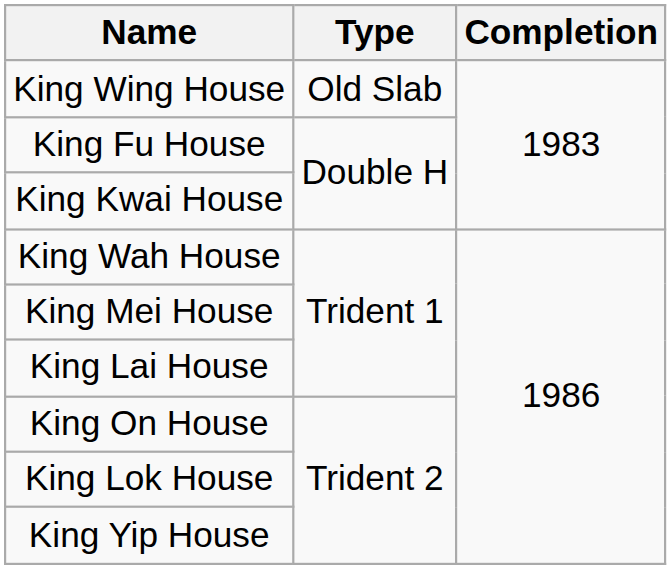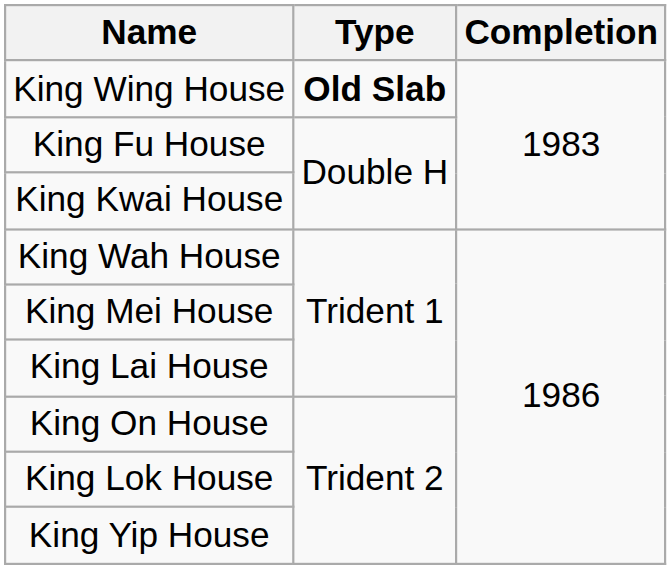 <table class="wikitable" style="text-align: center">
 <tr>
 <th>Name</th>
 <th>Type</th>
 <th>Completion</th>
 </tr>
 <tr>
 <td>King Wing House</td>
-<td>Old Slab</td>
+<td><strong>Old Slab</strong></td>
 <td rowspan="3">1983</td>
 </tr>
 <tr>
 <td>King Fu House</td>
 <td rowspan="2">Double H</td>
 </tr>
 <tr>
 <td>King Kwai House</td>
 </tr>
 <tr>
 <td>King Wah House</td>
 <td rowspan="3">Trident 1</td>
 <td rowspan="6">1986</td>
 </tr>
 <tr>
 <td>King Mei House</td>
 </tr>
 <tr>
 <td>King Lai House</td>
 </tr>
 <tr>
 <td>King On House</td>
 <td rowspan="3">Trident 2</td>
 </tr>
 <tr>
 <td>King Lok House</td>
 </tr>
 <tr>
 <td>King Yip House</td>
 </tr>
 </table>
